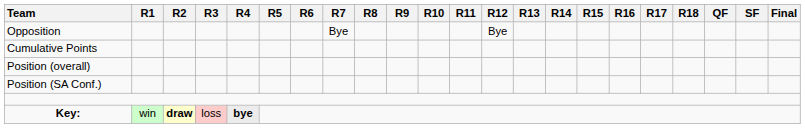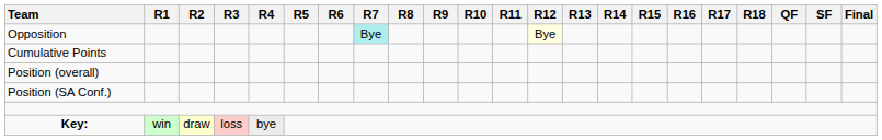 <table class="wikitable" style="text-align:center; width:90%; font-size:100%">
 <tr>
 <th style="text-align:left; width:16%;">Team</th>
 <th style="width:4%;">R1</th>
 <th style="width:4%;">R2</th>
 <th style="width:4%;">R3</th>
 <th style="width:4%;">R4</th>
 <th style="width:4%;">R5</th>
 <th style="width:4%;">R6</th>
 <th style="width:4%;">R7</th>
 <th style="width:4%;">R8</th>
 <th style="width:4%;">R9</th>
 <th style="width:4%;">R10</th>
 <th style="width:4%;">R11</th>
 <th style="width:4%;">R12</th>
 <th style="width:4%;">R13</th>
 <th style="width:4%;">R14</th>
 <th style="width:4%;">R15</th>
 <th style="width:4%;">R16</th>
 <th style="width:4%;">R17</th>
 <th style="width:4%;">R18</th>
 <th style="width:4%;">QF</th>
 <th style="width:4%;">SF</th>
 <th style="width:4%;">Final</th>
 </tr>
 <tr>
 <td style="text-align:left;">Opposition</td>
 <td> </td>
 <td> </td>
 <td> </td>
 <td> </td>
 <td> </td>
 <td> </td>
-<td>Bye</td>
+<td style="background: paleturquoise;">Bye</td>
 <td> </td>
 <td> </td>
 <td> </td>
 <td> </td>
-<td>Bye</td>
+<td style="background: lightyellow;">Bye</td>
 <td> </td>
 <td> </td>
 <td> </td>
 <td> </td>
 <td> </td>
 <td> </td>
 <td></td>
 <td></td>
 <td></td>
 </tr>
 <tr>
 <td style="text-align:left;">Cumulative Points</td>
 <td></td>
 <td></td>
 <td></td>
 <td></td>
 <td></td>
 <td></td>
 <td></td>
 <td></td>
 <td></td>
 <td></td>
 <td></td>
 <td></td>
 <td></td>
 <td></td>
 <td></td>
 <td></td>
 <td></td>
 <td></td>
 <td></td>
 <td></td>
 <td></td>
 </tr>
 <tr>
 <td style="text-align:left;">Position (overall)</td>
 <td></td>
 <td></td>
 <td></td>
 <td></td>
 <td></td>
 <td></td>
 <td></td>
 <td></td>
 <td></td>
 <td></td>
 <td></td>
 <td></td>
 <td></td>
 <td></td>
 <td></td>
 <td></td>
 <td></td>
 <td></td>
 <td></td>
 <td></td>
 <td></td>
 </tr>
 <tr>
 <td style="text-align:left;">Position (SA Conf.)</td>
 <td></td>
 <td></td>
 <td></td>
 <td></td>
 <td></td>
 <td></td>
 <td></td>
 <td></td>
 <td></td>
 <td></td>
 <td></td>
 <td></td>
 <td></td>
 <td></td>
 <td></td>
 <td></td>
 <td></td>
 <td></td>
 <td></td>
 <td></td>
 <td></td>
 </tr>
 <tr>
 <td colspan=100% style="height:10px"></td>
 </tr>
 <tr>
 <td><strong>Key:</strong></td>
 <td style="background:#CCFFCC;">win</td>
-<td style="background:#FFFFCC;"><strong>draw</strong></td>
+<td style="background:#FFFFCC;">draw</td>
 <td style="background:#FFCCCC;">loss</td>
-<td style="background:#ECECEC;"><strong>bye</strong></td>
+<td style="background:#ECECEC;">bye</td>
 <td colspan=100%></td>
 </tr>
 </table>
